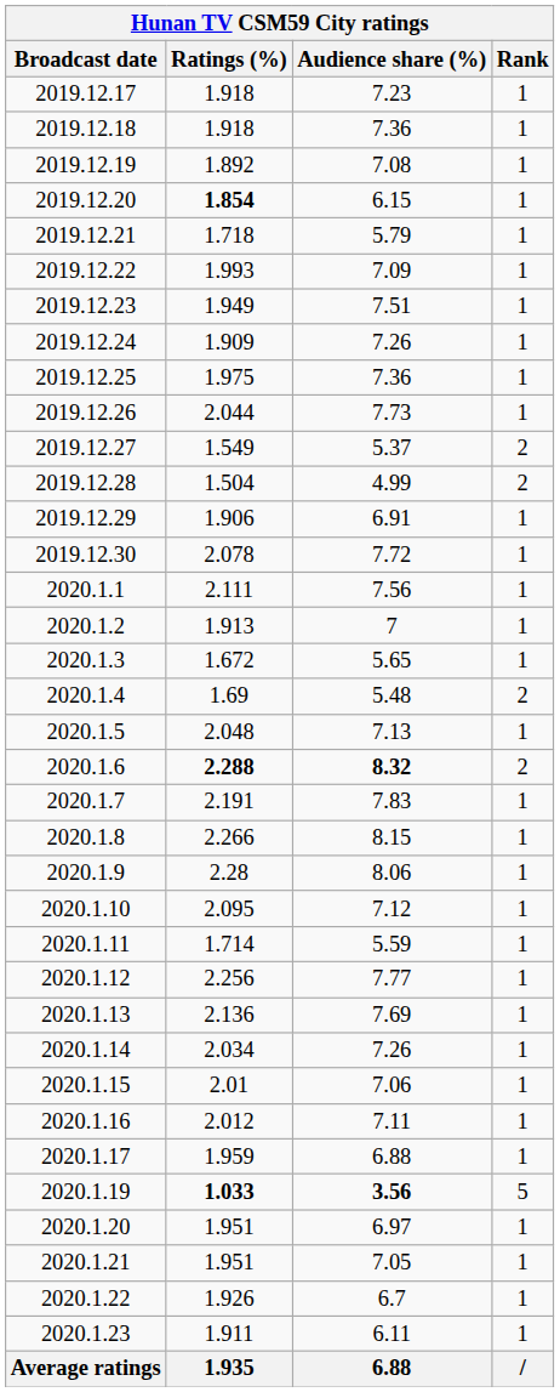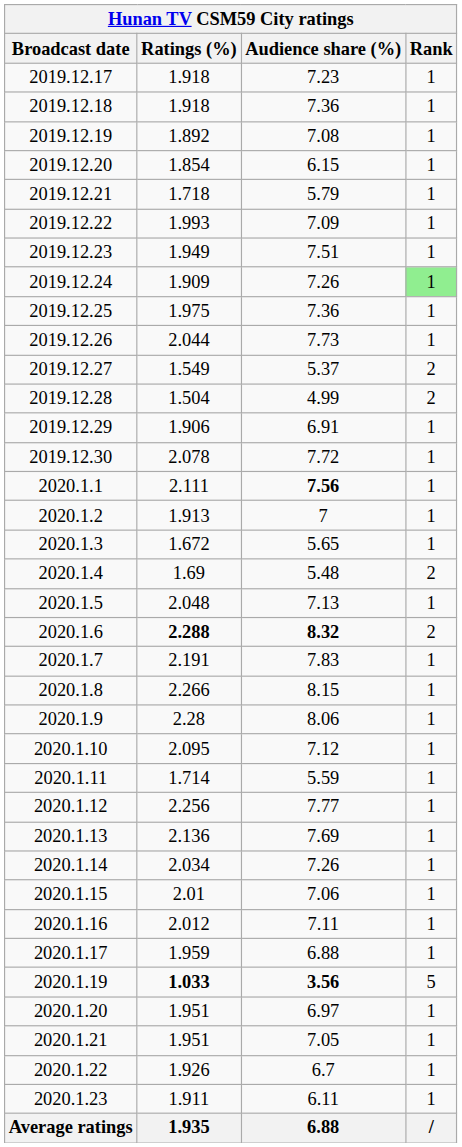 <table class="wikitable sortable mw-collapsible jquery-tablesorter" style="text-align:center">
 <tr>
 <th colspan="4"><a href='#'>Hunan TV</a> CSM59 City ratings</th>
 </tr>
 <tr>
 <th>Broadcast date</th>
 <th>Ratings (%)</th>
 <th>Audience share (%)</th>
 <th>Rank</th>
 </tr>
 <tr>
 <td>2019.12.17</td>
 <td>1.918</td>
 <td>7.23</td>
 <td>1</td>
 </tr>
 <tr>
 <td>2019.12.18</td>
 <td>1.918</td>
 <td>7.36</td>
 <td>1</td>
 </tr>
 <tr>
 <td>2019.12.19</td>
 <td>1.892</td>
 <td>7.08</td>
 <td>1</td>
 </tr>
 <tr>
 <td>2019.12.20</td>
-<td><strong>1.854</strong></td>
+<td>1.854</td>
 <td>6.15</td>
 <td>1</td>
 </tr>
 <tr>
 <td>2019.12.21</td>
 <td>1.718</td>
 <td>5.79</td>
 <td>1</td>
 </tr>
 <tr>
 <td>2019.12.22</td>
 <td>1.993</td>
 <td>7.09</td>
 <td>1</td>
 </tr>
 <tr>
 <td>2019.12.23</td>
 <td>1.949</td>
 <td>7.51</td>
 <td>1</td>
 </tr>
 <tr>
 <td>2019.12.24</td>
 <td>1.909</td>
 <td>7.26</td>
-<td>1</td>
+<td style="background: lightgreen;">1</td>
 </tr>
 <tr>
 <td>2019.12.25</td>
 <td>1.975</td>
 <td>7.36</td>
 <td>1</td>
 </tr>
 <tr>
 <td>2019.12.26</td>
 <td>2.044</td>
 <td>7.73</td>
 <td>1</td>
 </tr>
 <tr>
 <td>2019.12.27</td>
 <td>1.549</td>
 <td>5.37</td>
 <td>2</td>
 </tr>
 <tr>
 <td>2019.12.28</td>
 <td>1.504</td>
 <td>4.99</td>
 <td>2</td>
 </tr>
 <tr>
 <td>2019.12.29</td>
 <td>1.906</td>
 <td>6.91</td>
 <td>1</td>
 </tr>
 <tr>
 <td>2019.12.30</td>
 <td>2.078</td>
 <td>7.72</td>
 <td>1</td>
 </tr>
 <tr>
 <td>2020.1.1</td>
 <td>2.111</td>
-<td>7.56</td>
+<td><strong>7.56</strong></td>
 <td>1</td>
 </tr>
 <tr>
 <td>2020.1.2</td>
 <td>1.913</td>
 <td>7</td>
 <td>1</td>
 </tr>
 <tr>
 <td>2020.1.3</td>
 <td>1.672</td>
 <td>5.65</td>
 <td>1</td>
 </tr>
 <tr>
 <td>2020.1.4</td>
 <td>1.69</td>
 <td>5.48</td>
 <td>2</td>
 </tr>
 <tr>
 <td>2020.1.5</td>
 <td>2.048</td>
 <td>7.13</td>
 <td>1</td>
 </tr>
 <tr>
 <td>2020.1.6</td>
 <td><strong><span>2.288</span></strong></td>
 <td><strong><span>8.32</span></strong></td>
 <td>2</td>
 </tr>
 <tr>
 <td>2020.1.7</td>
 <td>2.191</td>
 <td>7.83</td>
 <td>1</td>
 </tr>
 <tr>
 <td>2020.1.8</td>
 <td>2.266</td>
 <td>8.15</td>
 <td>1</td>
 </tr>
 <tr>
 <td>2020.1.9</td>
 <td>2.28</td>
 <td>8.06</td>
 <td>1</td>
 </tr>
 <tr>
 <td>2020.1.10</td>
 <td>2.095</td>
 <td>7.12</td>
 <td>1</td>
 </tr>
 <tr>
 <td>2020.1.11</td>
 <td>1.714</td>
 <td>5.59</td>
 <td>1</td>
 </tr>
 <tr>
 <td>2020.1.12</td>
 <td>2.256</td>
 <td>7.77</td>
 <td>1</td>
 </tr>
 <tr>
 <td>2020.1.13</td>
 <td>2.136</td>
 <td>7.69</td>
 <td>1</td>
 </tr>
 <tr>
 <td>2020.1.14</td>
 <td>2.034</td>
 <td>7.26</td>
 <td>1</td>
 </tr>
 <tr>
 <td>2020.1.15</td>
 <td>2.01</td>
 <td>7.06</td>
 <td>1</td>
 </tr>
 <tr>
 <td>2020.1.16</td>
 <td>2.012</td>
 <td>7.11</td>
 <td>1</td>
 </tr>
 <tr>
 <td>2020.1.17</td>
 <td>1.959</td>
 <td>6.88</td>
 <td>1</td>
 </tr>
 <tr>
 <td>2020.1.19</td>
 <td><strong><span>1.033</span></strong></td>
 <td><strong><span>3.56</span></strong></td>
 <td>5</td>
 </tr>
 <tr>
 <td>2020.1.20</td>
 <td>1.951</td>
 <td>6.97</td>
 <td>1</td>
 </tr>
 <tr>
 <td>2020.1.21</td>
 <td>1.951</td>
 <td>7.05</td>
 <td>1</td>
 </tr>
 <tr>
 <td>2020.1.22</td>
 <td>1.926</td>
 <td>6.7</td>
 <td>1</td>
 </tr>
 <tr>
 <td>2020.1.23</td>
 <td>1.911</td>
 <td>6.11</td>
 <td>1</td>
 </tr>
 <tr>
 <th><strong>Average ratings</strong></th>
 <th><strong>1.935</strong></th>
 <th><strong>6.88</strong></th>
 <th><strong>/</strong></th>
 </tr>
 </table>
